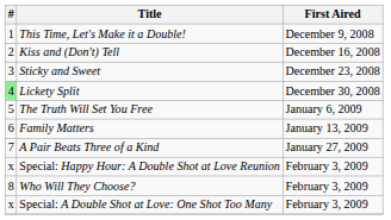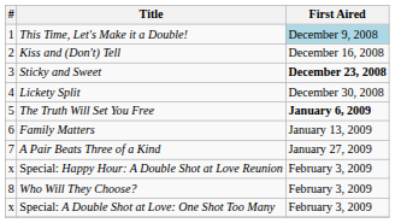 <table class="wikitable">
 <tr>
 <th>#</th>
 <th>Title</th>
 <th>First Aired</th>
 </tr>
 <tr>
 <td>1</td>
 <td><em>This Time, Let's Make it a Double!</em></td>
-<td>December 9, 2008</td>
+<td style="background: lightblue;">December 9, 2008</td>
 </tr>
 <tr>
 <td>2</td>
 <td><em>Kiss and (Don't) Tell</em></td>
 <td>December 16, 2008</td>
 </tr>
 <tr>
 <td>3</td>
 <td><em>Sticky and Sweet</em></td>
-<td>December 23, 2008</td>
+<td><strong>December 23, 2008</strong></td>
 </tr>
 <tr>
-<td style="background: lightgreen;">4</td>
+<td>4</td>
 <td><em>Lickety Split</em></td>
 <td>December 30, 2008</td>
 </tr>
 <tr>
 <td>5</td>
 <td><em>The Truth Will Set You Free</em></td>
-<td>January 6, 2009</td>
+<td><strong>January 6, 2009</strong></td>
 </tr>
 <tr>
 <td>6</td>
 <td><em>Family Matters</em></td>
 <td>January 13, 2009</td>
 </tr>
 <tr>
 <td>7</td>
 <td><em>A Pair Beats Three of a Kind</em></td>
 <td>January 27, 2009</td>
 </tr>
 <tr>
 <td>x</td>
 <td>Special: <em>Happy Hour: A Double Shot at Love Reunion</em></td>
 <td>February 3, 2009</td>
 </tr>
 <tr>
 <td>8</td>
 <td><em>Who Will They Choose?</em></td>
 <td>February 3, 2009</td>
 </tr>
 <tr>
 <td>x</td>
 <td>Special: <em>A Double Shot at Love: One Shot Too Many</em></td>
 <td>February 3, 2009</td>
 </tr>
 <tr>
 </tr>
 </table>
